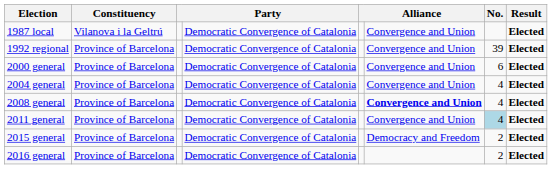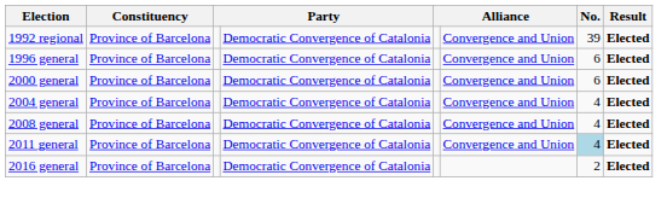 <table class="wikitable" style="text-align:left;">
 <tr>
 <th scope=col>Election</th>
 <th scope=col>Constituency</th>
 <th scope=col colspan="2">Party</th>
 <th scope=col colspan="2">Alliance</th>
 <th scope=col>No.</th>
 <th scope=col>Result</th>
 </tr>
 <tr>
-<td><a href='#'>1987 local</a></td>
-<td><a href='#'>Vilanova i la Geltrú</a></td>
-<td style="background:"></td>
-<td><a href='#'>Democratic Convergence of Catalonia</a></td>
-<td style="background:"></td>
-<td><a href='#'>Convergence and Union</a></td>
-<td align=right></td>
-<td><strong>Elected</strong></td>
-</tr>
-<tr>
 <td><a href='#'>1992 regional</a></td>
 <td><a href='#'>Province of Barcelona</a></td>
 <td style="background:"></td>
 <td><a href='#'>Democratic Convergence of Catalonia</a></td>
 <td style="background:"></td>
 <td><a href='#'>Convergence and Union</a></td>
 <td align=right>39</td>
+<td><strong>Elected</strong></td>
+</tr>
+<tr>
+<td><a href='#'>1996 general</a></td>
+<td><a href='#'>Province of Barcelona</a></td>
+<td style="background:"></td>
+<td><a href='#'>Democratic Convergence of Catalonia</a></td>
+<td style="background:"></td>
+<td><a href='#'>Convergence and Union</a></td>
+<td align=right>6</td>
 <td><strong>Elected</strong></td>
 </tr>
 <tr>
 <td><a href='#'>2000 general</a></td>
 <td><a href='#'>Province of Barcelona</a></td>
 <td style="background:"></td>
 <td><a href='#'>Democratic Convergence of Catalonia</a></td>
 <td style="background:"></td>
 <td><a href='#'>Convergence and Union</a></td>
 <td align=right>6</td>
 <td><strong>Elected</strong></td>
 </tr>
 <tr>
 <td><a href='#'>2004 general</a></td>
 <td><a href='#'>Province of Barcelona</a></td>
 <td style="background:"></td>
 <td><a href='#'>Democratic Convergence of Catalonia</a></td>
 <td style="background:"></td>
 <td><a href='#'>Convergence and Union</a></td>
 <td align=right>4</td>
 <td><strong>Elected</strong></td>
 </tr>
 <tr>
 <td><a href='#'>2008 general</a></td>
 <td><a href='#'>Province of Barcelona</a></td>
 <td style="background:"></td>
 <td><a href='#'>Democratic Convergence of Catalonia</a></td>
 <td style="background:"></td>
-<td><strong><a href='#'>Convergence and Union</a></strong></td>
+<td><a href='#'>Convergence and Union</a></td>
 <td align=right>4</td>
 <td><strong>Elected</strong></td>
 </tr>
 <tr>
 <td><a href='#'>2011 general</a></td>
 <td><a href='#'>Province of Barcelona</a></td>
 <td style="background:"></td>
 <td><a href='#'>Democratic Convergence of Catalonia</a></td>
 <td style="background:"></td>
 <td><a href='#'>Convergence and Union</a></td>
 <td align=right style="background: lightblue;">4</td>
 <td><strong>Elected</strong></td>
 </tr>
 <tr>
-<td><a href='#'>2015 general</a></td>
-<td><a href='#'>Province of Barcelona</a></td>
-<td style="background:"></td>
-<td><a href='#'>Democratic Convergence of Catalonia</a></td>
-<td style="background:"></td>
-<td><a href='#'>Democracy and Freedom</a></td>
-<td align=right>2</td>
-<td><strong>Elected</strong></td>
-</tr>
-<tr>
 <td><a href='#'>2016 general</a></td>
 <td><a href='#'>Province of Barcelona</a></td>
 <td style="background:"></td>
 <td><a href='#'>Democratic Convergence of Catalonia</a></td>
 <td></td>
 <td></td>
 <td align=right>2</td>
 <td><strong>Elected</strong></td>
 </tr>
 </table>
